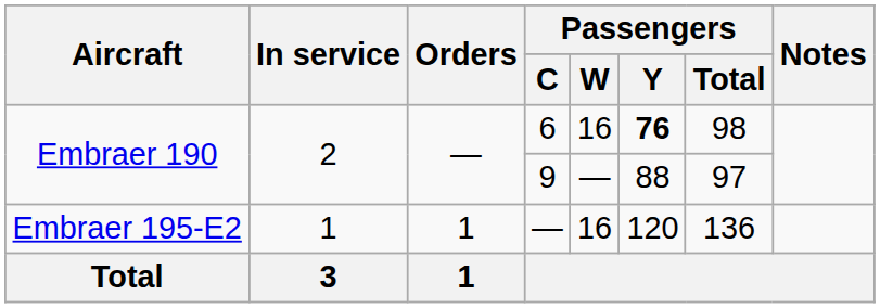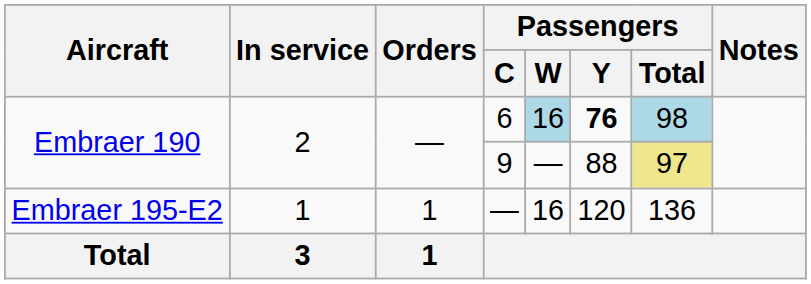 <table class="wikitable" style="text-align:center">
 <tr>
 <th rowspan="2">Aircraft</th>
 <th rowspan="2">In service</th>
 <th rowspan="2">Orders</th>
 <th colspan="4">Passengers</th>
 <th rowspan="2">Notes</th>
 </tr>
 <tr>
 <th><abbr>C</abbr></th>
 <th><abbr>W</abbr></th>
 <th><abbr>Y</abbr></th>
 <th>Total</th>
 </tr>
 <tr>
 <td rowspan="2"><a href='#'>Embraer 190</a></td>
 <td rowspan="2">2</td>
 <td rowspan="2">—</td>
 <td>6</td>
-<td>16</td>
+<td style="background: lightblue;">16</td>
 <td><strong>76</strong></td>
-<td>98</td>
+<td style="background: lightblue;">98</td>
 <td rowspan="2"></td>
 </tr>
 <tr>
 <td>9</td>
 <td>—</td>
 <td>88</td>
-<td>97</td>
+<td style="background: khaki;">97</td>
 </tr>
 <tr>
 <td><a href='#'>Embraer 195-E2</a></td>
 <td>1</td>
 <td>1</td>
 <td>—</td>
 <td>16</td>
 <td>120</td>
 <td>136</td>
 <td></td>
 </tr>
 <tr>
 <th>Total</th>
 <th>3</th>
 <th>1</th>
 <th colspan="5"></th>
 </tr>
 </table>
